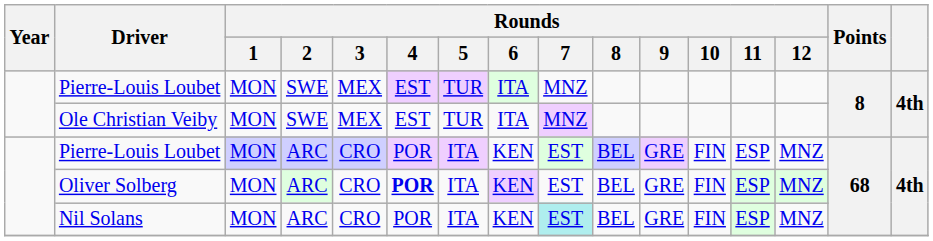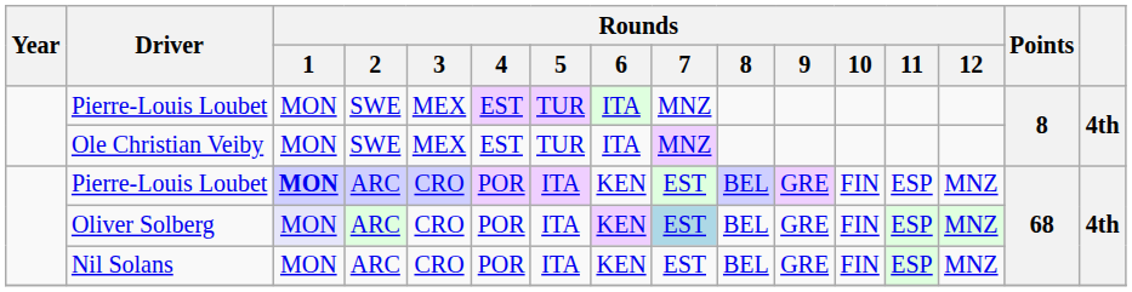 <table class="wikitable" style="text-align:center; font-size:85%">
 <tr>
 <th rowspan="2">Year</th>
 <th rowspan="2">Driver</th>
 <th colspan="12">Rounds</th>
 <th rowspan="2">Points</th>
 <th rowspan="2"></th>
 </tr>
 <tr>
 <th>1</th>
 <th>2</th>
 <th>3</th>
 <th>4</th>
 <th>5</th>
 <th>6</th>
 <th>7</th>
 <th>8</th>
 <th>9</th>
 <th>10</th>
 <th>11</th>
 <th>12</th>
 </tr>
 <tr>
 <td rowspan="2"></td>
 <td align="left"> <a href='#'>Pierre-Louis Loubet</a></td>
 <td><a href='#'>MON</a></td>
 <td><a href='#'>SWE</a></td>
 <td><a href='#'>MEX</a></td>
 <td style="background:#efcfff"><a href='#'>EST</a><br></td>
 <td style="background:#efcfff"><a href='#'>TUR</a><br></td>
 <td style="background:#dfffdf"><a href='#'>ITA</a><br></td>
 <td><a href='#'>MNZ</a></td>
 <td></td>
 <td></td>
 <td></td>
 <td></td>
 <td></td>
 <th rowspan="2">8</th>
 <th rowspan="2">4th</th>
 </tr>
 <tr>
 <td align="left"> <a href='#'>Ole Christian Veiby</a></td>
 <td><a href='#'>MON</a></td>
 <td><a href='#'>SWE</a></td>
 <td><a href='#'>MEX</a></td>
 <td><a href='#'>EST</a></td>
 <td><a href='#'>TUR</a></td>
 <td><a href='#'>ITA</a></td>
 <td style="background:#efcfff"><a href='#'>MNZ</a><br></td>
 <td></td>
 <td></td>
 <td></td>
 <td></td>
 <td></td>
 </tr>
 <tr>
 <td rowspan="3"></td>
 <td align="left"> <a href='#'>Pierre-Louis Loubet</a></td>
-<td style="background:#CFCFFF"><a href='#'>MON</a><br></td>
+<td style="background:#CFCFFF"><strong><a href='#'>MON</a><br></strong></td>
 <td style="background:#CFCFFF"><a href='#'>ARC</a><br></td>
 <td style="background:#CFCFFF"><a href='#'>CRO</a><br></td>
 <td style="background:#efcfff"><a href='#'>POR</a><br></td>
 <td style="background:#efcfff"><a href='#'>ITA</a><br></td>
 <td><a href='#'>KEN</a><br></td>
 <td style="background:#dfffdf"><a href='#'>EST</a><br></td>
 <td style="background:#CFCFFF"><a href='#'>BEL</a><br></td>
 <td style="background:#efcfff"><a href='#'>GRE</a><br></td>
 <td><a href='#'>FIN</a></td>
 <td><a href='#'>ESP</a><br></td>
 <td><a href='#'>MNZ</a></td>
 <th rowspan="3">68</th>
 <th rowspan="3">4th</th>
 </tr>
 <tr>
 <td align="left"> <a href='#'>Oliver Solberg</a></td>
-<td><a href='#'>MON</a></td>
+<td style="background: lavender;"><a href='#'>MON</a></td>
 <td style="background:#dfffdf"><a href='#'>ARC</a><br></td>
 <td><a href='#'>CRO</a></td>
-<td><strong><a href='#'>POR</a></strong></td>
+<td><a href='#'>POR</a></td>
 <td><a href='#'>ITA</a><br></td>
 <td style="background:#efcfff"><a href='#'>KEN</a><br></td>
-<td><a href='#'>EST</a></td>
+<td style="background: lightblue;"><a href='#'>EST</a></td>
 <td><a href='#'>BEL</a></td>
 <td><a href='#'>GRE</a></td>
 <td><a href='#'>FIN</a></td>
 <td style="background:#dfffdf"><a href='#'>ESP</a><br></td>
 <td style="background:#dfffdf"><a href='#'>MNZ</a><br></td>
 </tr>
 <tr>
 <td align="left"> <a href='#'>Nil Solans</a></td>
 <td><a href='#'>MON</a></td>
 <td><a href='#'>ARC</a></td>
 <td><a href='#'>CRO</a></td>
 <td><a href='#'>POR</a></td>
 <td><a href='#'>ITA</a></td>
 <td><a href='#'>KEN</a></td>
-<td style="background: paleturquoise;"><a href='#'>EST</a></td>
+<td><a href='#'>EST</a></td>
 <td><a href='#'>BEL</a></td>
 <td><a href='#'>GRE</a></td>
 <td><a href='#'>FIN</a></td>
 <td style="background:#dfffdf"><a href='#'>ESP</a><br></td>
 <td><a href='#'>MNZ</a></td>
 </tr>
 <tr>
 </tr>
 </table>
